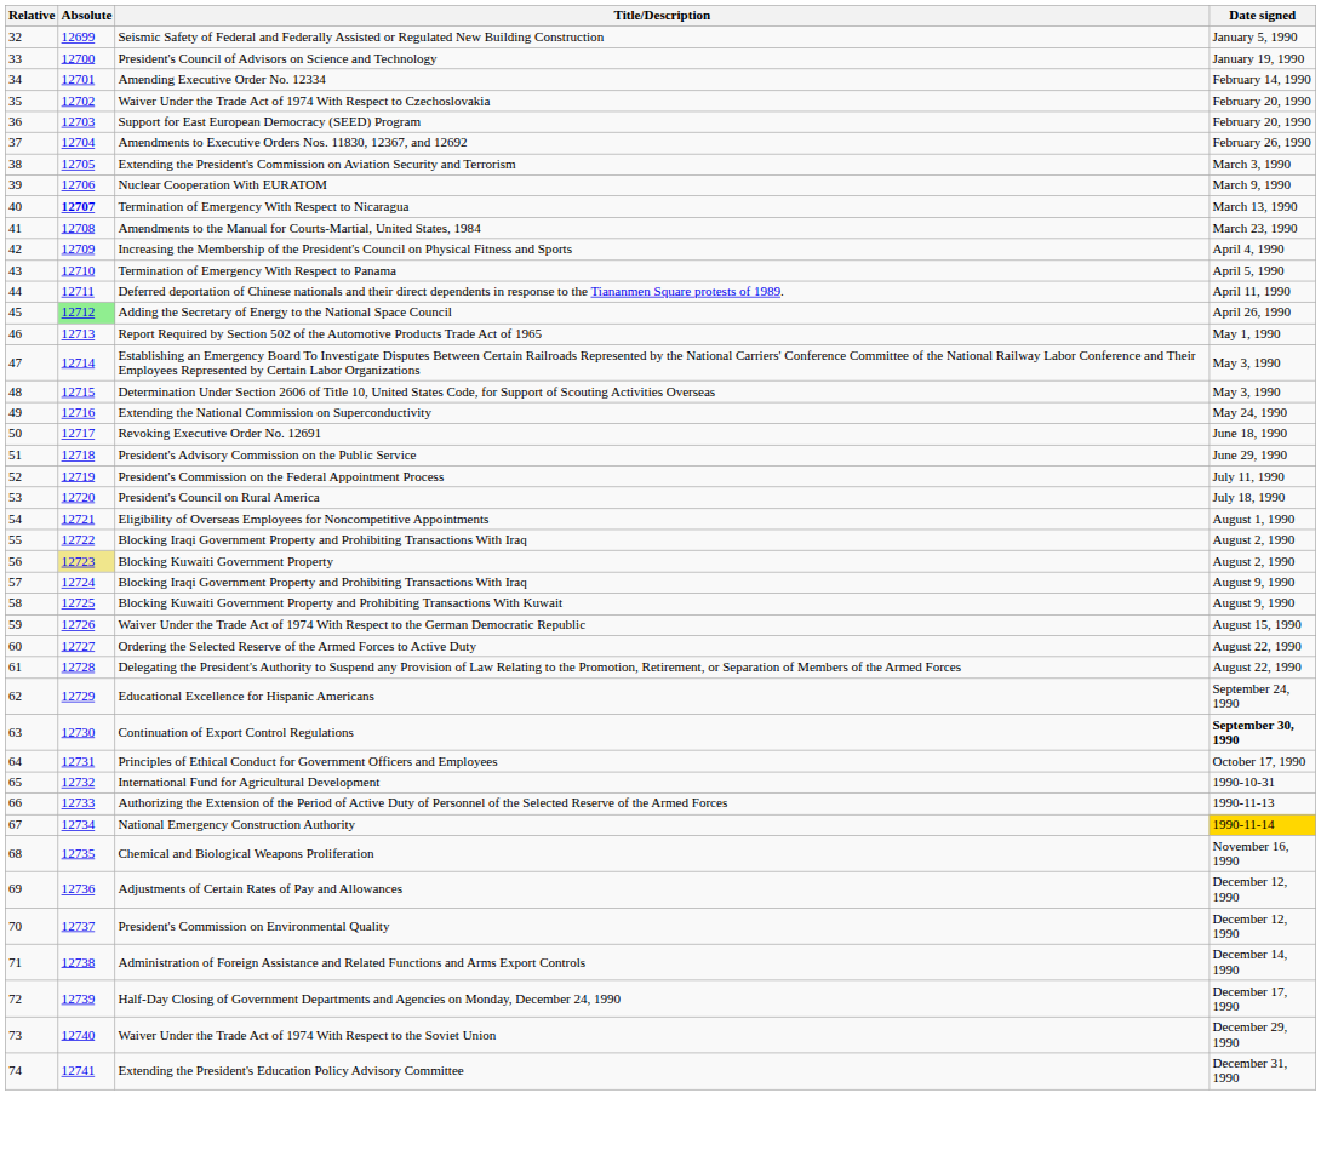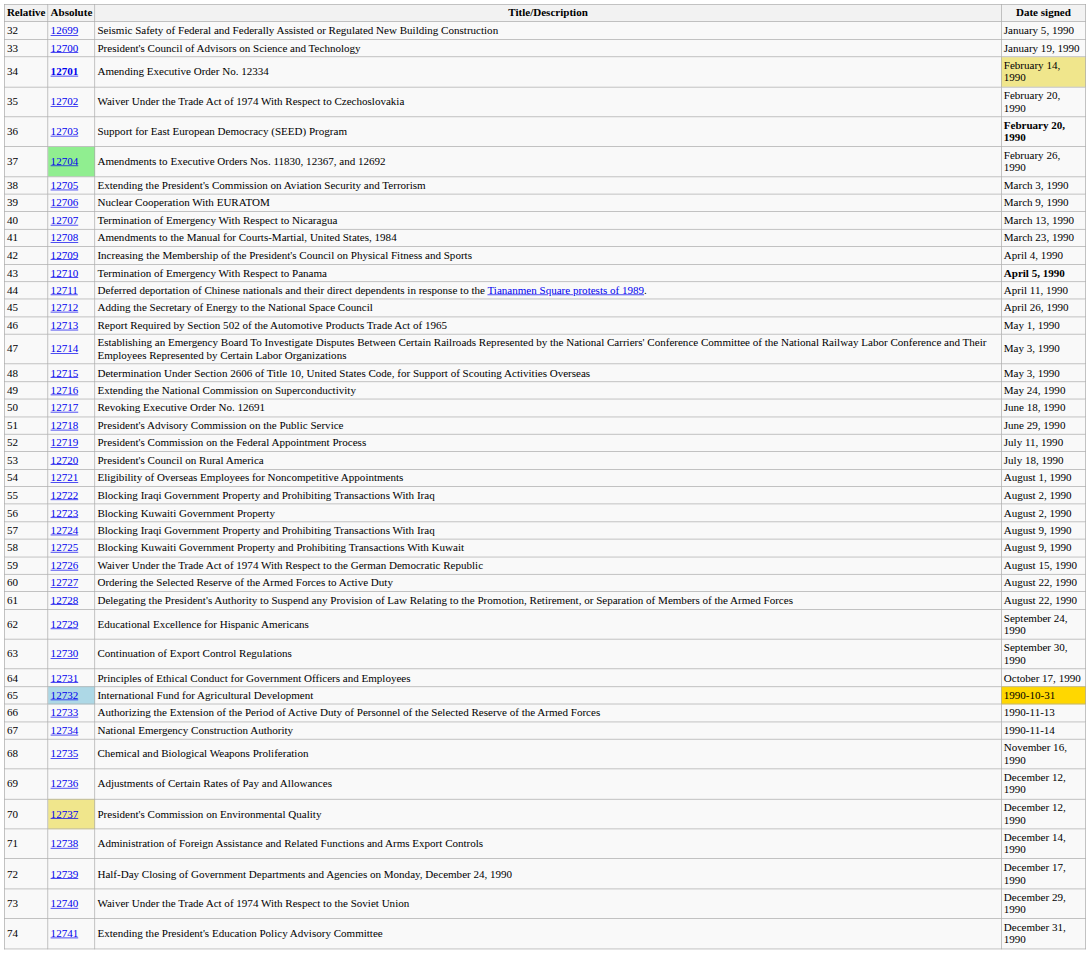 <table class="wikitable">
 <tr>
 <th>Relative </th>
 <th>Absolute </th>
 <th>Title/Description</th>
 <th>Date signed</th>
 </tr>
 <tr>
 <td>32</td>
 <td><a href='#'>12699</a></td>
 <td>Seismic Safety of Federal and Federally Assisted or Regulated New Building Construction</td>
 <td>January 5, 1990</td>
 </tr>
 <tr>
 <td>33</td>
 <td><a href='#'>12700</a></td>
 <td>President's Council of Advisors on Science and Technology</td>
 <td>January 19, 1990</td>
 </tr>
 <tr>
 <td>34</td>
-<td><a href='#'>12701</a></td>
+<td><strong><a href='#'>12701</a></strong></td>
 <td>Amending Executive Order No. 12334</td>
-<td>February 14, 1990</td>
+<td style="background: khaki;">February 14, 1990</td>
 </tr>
 <tr>
 <td>35</td>
 <td><a href='#'>12702</a></td>
 <td>Waiver Under the Trade Act of 1974 With Respect to Czechoslovakia</td>
 <td>February 20, 1990</td>
 </tr>
 <tr>
 <td>36</td>
 <td><a href='#'>12703</a></td>
 <td>Support for East European Democracy (SEED) Program</td>
-<td>February 20, 1990</td>
+<td><strong>February 20, 1990</strong></td>
 </tr>
 <tr>
 <td>37</td>
-<td><a href='#'>12704</a></td>
+<td style="background: lightgreen;"><a href='#'>12704</a></td>
 <td>Amendments to Executive Orders Nos. 11830, 12367, and 12692</td>
 <td>February 26, 1990</td>
 </tr>
 <tr>
 <td>38</td>
 <td><a href='#'>12705</a></td>
 <td>Extending the President's Commission on Aviation Security and Terrorism</td>
 <td>March 3, 1990</td>
 </tr>
 <tr>
 <td>39</td>
 <td><a href='#'>12706</a></td>
 <td>Nuclear Cooperation With EURATOM</td>
 <td>March 9, 1990</td>
 </tr>
 <tr>
 <td>40</td>
-<td><strong><a href='#'>12707</a></strong></td>
+<td><a href='#'>12707</a></td>
 <td>Termination of Emergency With Respect to Nicaragua</td>
 <td>March 13, 1990</td>
 </tr>
 <tr>
 <td>41</td>
 <td><a href='#'>12708</a></td>
 <td>Amendments to the Manual for Courts-Martial, United States, 1984</td>
 <td>March 23, 1990</td>
 </tr>
 <tr>
 <td>42</td>
 <td><a href='#'>12709</a></td>
 <td>Increasing the Membership of the President's Council on Physical Fitness and Sports</td>
 <td>April 4, 1990</td>
 </tr>
 <tr>
 <td>43</td>
 <td><a href='#'>12710</a></td>
 <td>Termination of Emergency With Respect to Panama</td>
-<td>April 5, 1990</td>
+<td><strong>April 5, 1990</strong></td>
 </tr>
 <tr>
 <td>44</td>
 <td><a href='#'>12711</a></td>
 <td>Deferred deportation of Chinese nationals and their direct dependents in response to the <a href='#'>Tiananmen Square protests of 1989</a>.</td>
 <td>April 11, 1990</td>
 </tr>
 <tr>
 <td>45</td>
-<td style="background: lightgreen;"><a href='#'>12712</a></td>
+<td><a href='#'>12712</a></td>
 <td>Adding the Secretary of Energy to the National Space Council</td>
 <td>April 26, 1990</td>
 </tr>
 <tr>
 <td>46</td>
 <td><a href='#'>12713</a></td>
 <td>Report Required by Section 502 of the Automotive Products Trade Act of 1965</td>
 <td>May 1, 1990</td>
 </tr>
 <tr>
 <td>47</td>
 <td><a href='#'>12714</a></td>
 <td>Establishing an Emergency Board To Investigate Disputes Between Certain Railroads Represented by the National Carriers' Conference Committee of the National Railway Labor Conference and Their Employees Represented by Certain Labor Organizations</td>
 <td>May 3, 1990</td>
 </tr>
 <tr>
 <td>48</td>
 <td><a href='#'>12715</a></td>
 <td>Determination Under Section 2606 of Title 10, United States Code, for Support of Scouting Activities Overseas</td>
 <td>May 3, 1990</td>
 </tr>
 <tr>
 <td>49</td>
 <td><a href='#'>12716</a></td>
 <td>Extending the National Commission on Superconductivity</td>
 <td>May 24, 1990</td>
 </tr>
 <tr>
 <td>50</td>
 <td><a href='#'>12717</a></td>
 <td>Revoking Executive Order No. 12691</td>
 <td>June 18, 1990</td>
 </tr>
 <tr>
 <td>51</td>
 <td><a href='#'>12718</a></td>
 <td>President's Advisory Commission on the Public Service</td>
 <td>June 29, 1990</td>
 </tr>
 <tr>
 <td>52</td>
 <td><a href='#'>12719</a></td>
 <td>President's Commission on the Federal Appointment Process</td>
 <td>July 11, 1990</td>
 </tr>
 <tr>
 <td>53</td>
 <td><a href='#'>12720</a></td>
 <td>President's Council on Rural America</td>
 <td>July 18, 1990</td>
 </tr>
 <tr>
 <td>54</td>
 <td><a href='#'>12721</a></td>
 <td>Eligibility of Overseas Employees for Noncompetitive Appointments</td>
 <td>August 1, 1990</td>
 </tr>
 <tr>
 <td>55</td>
 <td><a href='#'>12722</a></td>
 <td>Blocking Iraqi Government Property and Prohibiting Transactions With Iraq</td>
 <td>August 2, 1990</td>
 </tr>
 <tr>
 <td>56</td>
-<td style="background: khaki;"><a href='#'>12723</a></td>
+<td><a href='#'>12723</a></td>
 <td>Blocking Kuwaiti Government Property</td>
 <td>August 2, 1990</td>
 </tr>
 <tr>
 <td>57</td>
 <td><a href='#'>12724</a></td>
 <td>Blocking Iraqi Government Property and Prohibiting Transactions With Iraq</td>
 <td>August 9, 1990</td>
 </tr>
 <tr>
 <td>58</td>
 <td><a href='#'>12725</a></td>
 <td>Blocking Kuwaiti Government Property and Prohibiting Transactions With Kuwait</td>
 <td>August 9, 1990</td>
 </tr>
 <tr>
 <td>59</td>
 <td><a href='#'>12726</a></td>
 <td>Waiver Under the Trade Act of 1974 With Respect to the German Democratic Republic</td>
 <td>August 15, 1990</td>
 </tr>
 <tr>
 <td>60</td>
 <td><a href='#'>12727</a></td>
 <td>Ordering the Selected Reserve of the Armed Forces to Active Duty</td>
 <td>August 22, 1990</td>
 </tr>
 <tr>
 <td>61</td>
 <td><a href='#'>12728</a></td>
 <td>Delegating the President's Authority to Suspend any Provision of Law Relating to the Promotion, Retirement, or Separation of Members of the Armed Forces</td>
 <td>August 22, 1990</td>
 </tr>
 <tr>
 <td>62</td>
 <td><a href='#'>12729</a></td>
 <td>Educational Excellence for Hispanic Americans</td>
 <td>September 24, 1990</td>
 </tr>
 <tr>
 <td>63</td>
 <td><a href='#'>12730</a></td>
 <td>Continuation of Export Control Regulations</td>
-<td><strong>September 30, 1990</strong></td>
+<td>September 30, 1990</td>
 </tr>
 <tr>
 <td>64</td>
 <td><a href='#'>12731</a></td>
 <td>Principles of Ethical Conduct for Government Officers and Employees</td>
 <td>October 17, 1990</td>
 </tr>
 <tr>
 <td>65</td>
-<td><a href='#'>12732</a></td>
+<td style="background: lightblue;"><a href='#'>12732</a></td>
 <td>International Fund for Agricultural Development</td>
-<td>1990-10-31</td>
+<td style="background: gold;">1990-10-31</td>
 </tr>
 <tr>
 <td>66</td>
 <td><a href='#'>12733</a></td>
 <td>Authorizing the Extension of the Period of Active Duty of Personnel of the Selected Reserve of the Armed Forces</td>
 <td>1990-11-13</td>
 </tr>
 <tr>
 <td>67</td>
 <td><a href='#'>12734</a></td>
 <td>National Emergency Construction Authority</td>
-<td style="background: gold;">1990-11-14</td>
+<td>1990-11-14</td>
 </tr>
 <tr>
 <td>68</td>
 <td><a href='#'>12735</a></td>
 <td>Chemical and Biological Weapons Proliferation</td>
 <td>November 16, 1990</td>
 </tr>
 <tr>
 <td>69</td>
 <td><a href='#'>12736</a></td>
 <td>Adjustments of Certain Rates of Pay and Allowances</td>
 <td>December 12, 1990</td>
 </tr>
 <tr>
 <td>70</td>
-<td><a href='#'>12737</a></td>
+<td style="background: khaki;"><a href='#'>12737</a></td>
 <td>President's Commission on Environmental Quality</td>
 <td>December 12, 1990</td>
 </tr>
 <tr>
 <td>71</td>
 <td><a href='#'>12738</a></td>
 <td>Administration of Foreign Assistance and Related Functions and Arms Export Controls</td>
 <td>December 14, 1990</td>
 </tr>
 <tr>
 <td>72</td>
 <td><a href='#'>12739</a></td>
 <td>Half-Day Closing of Government Departments and Agencies on Monday, December 24, 1990</td>
 <td>December 17, 1990</td>
 </tr>
 <tr>
 <td>73</td>
 <td><a href='#'>12740</a></td>
 <td>Waiver Under the Trade Act of 1974 With Respect to the Soviet Union</td>
 <td>December 29, 1990</td>
 </tr>
 <tr>
 <td>74</td>
 <td><a href='#'>12741</a></td>
 <td>Extending the President's Education Policy Advisory Committee</td>
 <td>December 31, 1990</td>
 </tr>
 </table>
